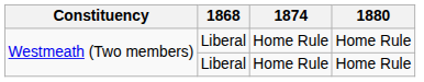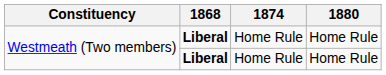 <table class="wikitable">
 <tr>
 <th>Constituency</th>
 <th>1868</th>
 <th>1874</th>
 <th>1880</th>
 </tr>
 <tr>
 <td rowspan="2"><a href='#'>Westmeath</a> (Two members)</td>
-<td>Liberal</td>
+<td><strong>Liberal</strong></td>
 <td>Home Rule</td>
 <td>Home Rule</td>
 </tr>
 <tr>
-<td>Liberal</td>
+<td><strong>Liberal</strong></td>
 <td>Home Rule</td>
 <td>Home Rule</td>
 </tr>
 </table>
